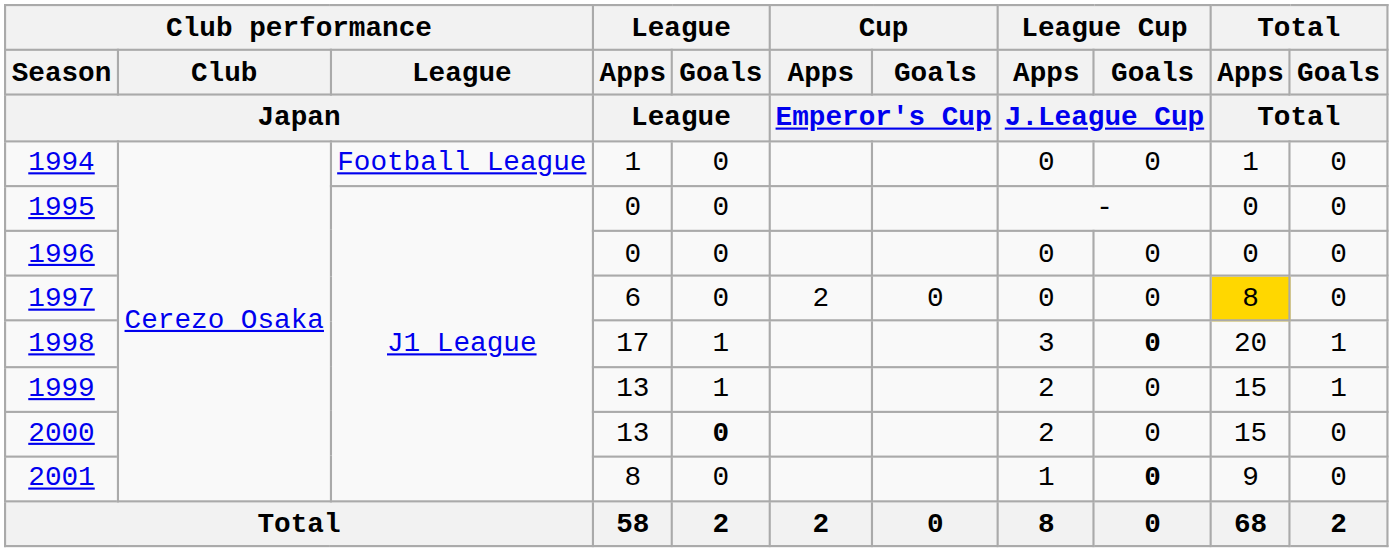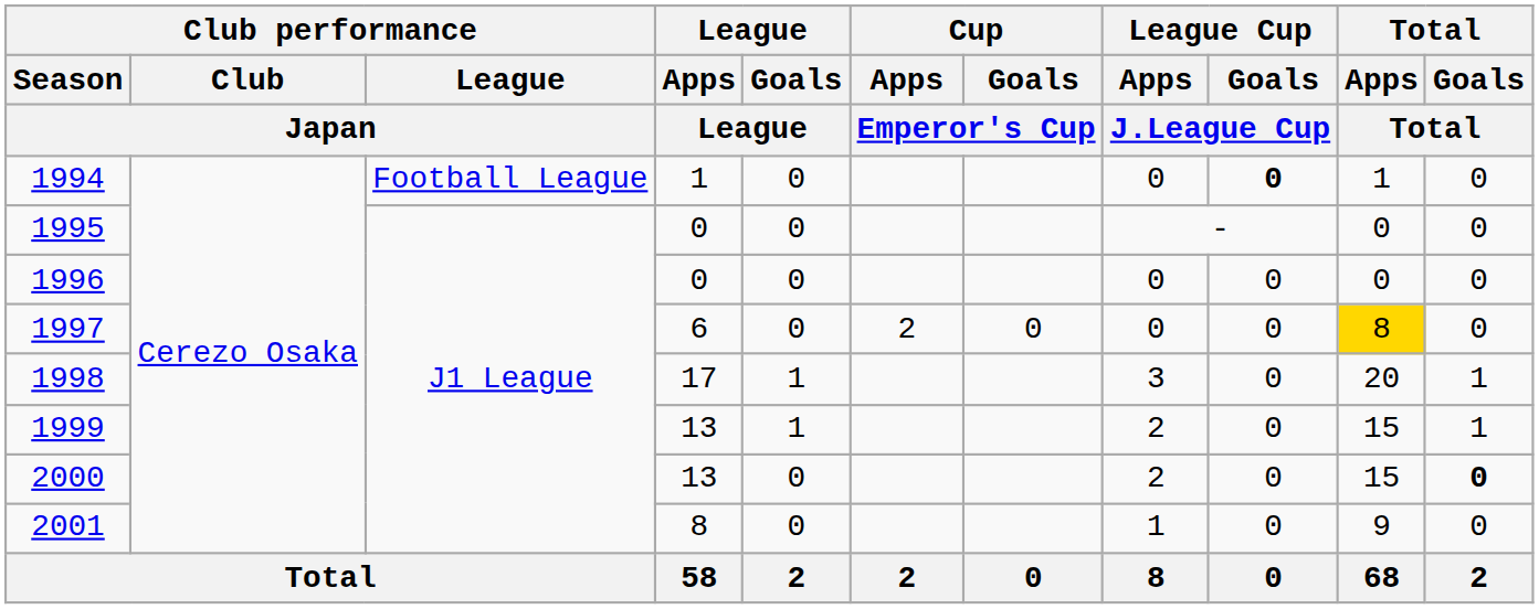 <table class="wikitable" style="text-align:center;">
 <tr>
 <th colspan=3>Club performance</th>
 <th colspan=2>League</th>
 <th colspan=2>Cup</th>
 <th colspan=2>League Cup</th>
 <th colspan=2>Total</th>
 </tr>
 <tr>
 <th>Season</th>
 <th>Club</th>
 <th>League</th>
 <th>Apps</th>
 <th>Goals</th>
 <th>Apps</th>
 <th>Goals</th>
 <th>Apps</th>
 <th>Goals</th>
 <th>Apps</th>
 <th>Goals</th>
 </tr>
 <tr>
 <th colspan=3>Japan</th>
 <th colspan=2>League</th>
 <th colspan=2><a href='#'>Emperor's Cup</a></th>
 <th colspan=2><a href='#'>J.League Cup</a></th>
 <th colspan=2>Total</th>
 </tr>
 <tr>
 <td><a href='#'>1994</a></td>
 <td rowspan="8"><a href='#'>Cerezo Osaka</a></td>
 <td><a href='#'>Football League</a></td>
 <td>1</td>
 <td>0</td>
 <td></td>
 <td></td>
 <td>0</td>
-<td>0</td>
+<td><strong>0</strong></td>
 <td>1</td>
 <td>0</td>
 </tr>
 <tr>
 <td><a href='#'>1995</a></td>
 <td rowspan="7"><a href='#'>J1 League</a></td>
 <td>0</td>
 <td>0</td>
 <td></td>
 <td></td>
 <td colspan="2">-</td>
 <td>0</td>
 <td>0</td>
 </tr>
 <tr>
 <td><a href='#'>1996</a></td>
 <td>0</td>
 <td>0</td>
 <td></td>
 <td></td>
 <td>0</td>
 <td>0</td>
 <td>0</td>
 <td>0</td>
 </tr>
 <tr>
 <td><a href='#'>1997</a></td>
 <td>6</td>
 <td>0</td>
 <td>2</td>
 <td>0</td>
 <td>0</td>
 <td>0</td>
 <td style="background: gold;">8</td>
 <td>0</td>
 </tr>
 <tr>
 <td><a href='#'>1998</a></td>
 <td>17</td>
 <td>1</td>
 <td></td>
 <td></td>
 <td>3</td>
-<td><strong>0</strong></td>
+<td>0</td>
 <td>20</td>
 <td>1</td>
 </tr>
 <tr>
 <td><a href='#'>1999</a></td>
 <td>13</td>
 <td>1</td>
 <td></td>
 <td></td>
 <td>2</td>
 <td>0</td>
 <td>15</td>
 <td>1</td>
 </tr>
 <tr>
 <td><a href='#'>2000</a></td>
 <td>13</td>
-<td><strong>0</strong></td>
+<td>0</td>
 <td></td>
 <td></td>
 <td>2</td>
 <td>0</td>
 <td>15</td>
-<td>0</td>
+<td><strong>0</strong></td>
 </tr>
 <tr>
 <td><a href='#'>2001</a></td>
 <td>8</td>
 <td>0</td>
 <td></td>
 <td></td>
 <td>1</td>
-<td><strong>0</strong></td>
+<td>0</td>
 <td>9</td>
 <td>0</td>
 </tr>
 <tr>
 <th colspan=3>Total</th>
 <th>58</th>
 <th>2</th>
 <th>2</th>
 <th>0</th>
 <th>8</th>
 <th>0</th>
 <th>68</th>
 <th>2</th>
 </tr>
 </table>
